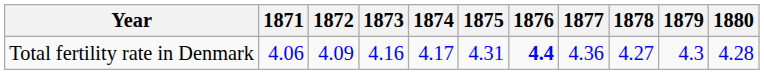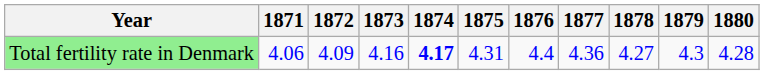 <table class="wikitable " style="text-align:right">
 <tr>
 <th>Year</th>
 <th>1871</th>
 <th>1872</th>
 <th>1873</th>
 <th>1874</th>
 <th>1875</th>
 <th>1876</th>
 <th>1877</th>
 <th>1878</th>
 <th>1879</th>
 <th>1880</th>
 </tr>
 <tr>
-<td align="left">Total fertility rate in Denmark</td>
+<td align="left" style="background: lightgreen;">Total fertility rate in Denmark</td>
 <td style="text-align:right; color:blue;">4.06</td>
 <td style="text-align:right; color:blue;">4.09</td>
 <td style="text-align:right; color:blue;">4.16</td>
-<td style="text-align:right; color:blue;">4.17</td>
+<td style="text-align:right; color:blue;"><strong>4.17</strong></td>
 <td style="text-align:right; color:blue;">4.31</td>
-<td style="text-align:right; color:blue;"><strong>4.4</strong></td>
+<td style="text-align:right; color:blue;">4.4</td>
 <td style="text-align:right; color:blue;">4.36</td>
 <td style="text-align:right; color:blue;">4.27</td>
 <td style="text-align:right; color:blue;">4.3</td>
 <td style="text-align:right; color:blue;">4.28</td>
 </tr>
 </table>
